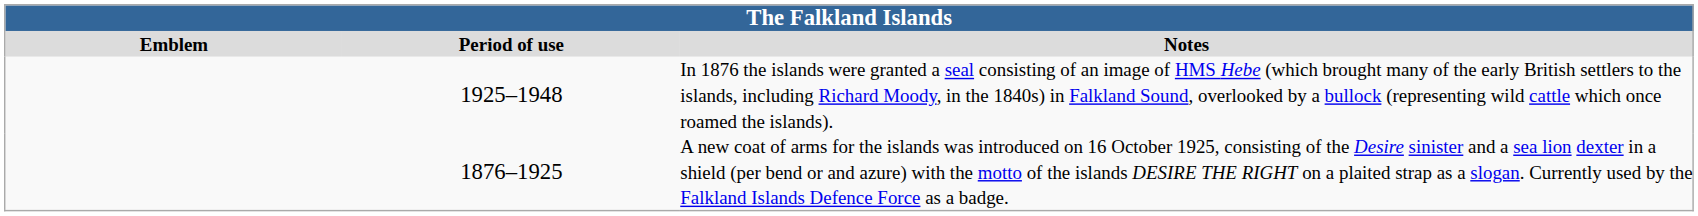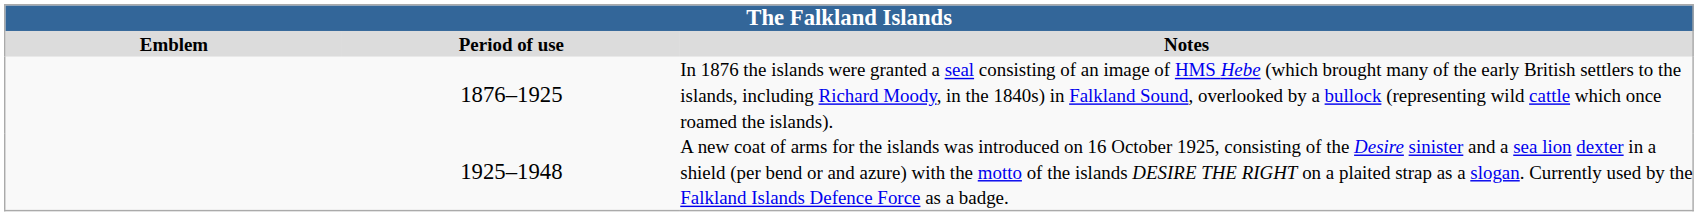 <table width="60%" cellpadding="0" cellspacing="0" border="0" border="1" cellpadding="4" cellspacing="0" style="margin: 0.5em 1em 0.5em 0; background: #f9f9f9; border: 1px #aaa solid; border-collapse: collapse;">
 <tr>
 <td align="center" colspan=3 style="background-color:#369; color:white;"><strong>The Falkland Islands</strong></td>
 </tr>
 <tr>
 <th bgcolor = "#DCDCDC" width = "20%"><small>Emblem</small></th>
 <th bgcolor = "#DCDCDC" width = "20%"><small>Period of use</small></th>
 <th bgcolor = "#DCDCDC" width = "60%"><small>Notes</small></th>
 </tr>
 <tr>
 <td align="center"></td>
-<td align="center">1925–1948</td>
+<td align="center">1876–1925</td>
 <td><small>In 1876 the islands were granted a <a href='#'>seal</a> consisting of an image of <a href='#'>HMS <em>Hebe</em></a> (which brought many of the early British settlers to the islands, including <a href='#'>Richard Moody</a>, in the 1840s) in <a href='#'>Falkland Sound</a>, overlooked by a <a href='#'>bullock</a> (representing wild <a href='#'>cattle</a> which once roamed the islands).</small></td>
 </tr>
 <tr>
 <td align="center"></td>
-<td align="center">1876–1925</td>
+<td align="center">1925–1948</td>
 <td><small>A new coat of arms for the islands was introduced on 16 October 1925, consisting of the <em><a href='#'>Desire</a></em> <a href='#'>sinister</a> and a <a href='#'>sea lion</a> <a href='#'>dexter</a> in a shield (per bend or and azure) with the <a href='#'>motto</a> of the islands <em>DESIRE THE RIGHT</em> on a plaited strap as a <a href='#'>slogan</a>. Currently used by the <a href='#'>Falkland Islands Defence Force</a> as a badge.</small></td>
 </tr>
 <tr>
 </tr>
 </table>
